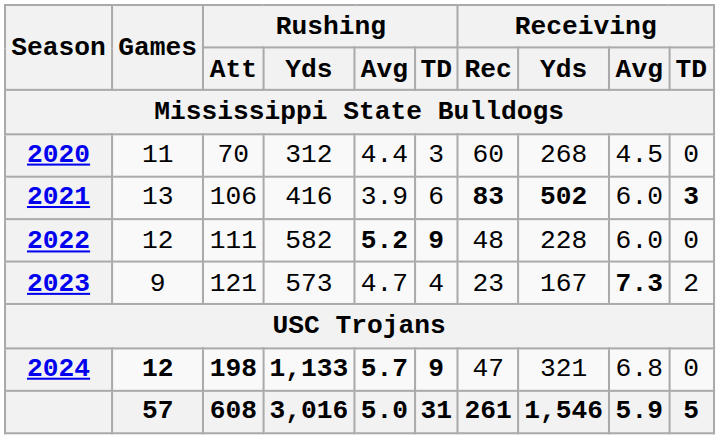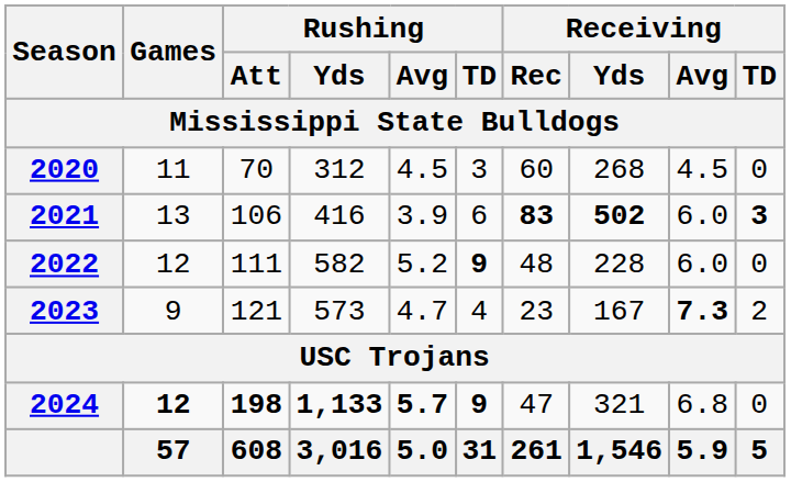 <table class="wikitable" style="text-align:center;">
 <tr>
 <th rowspan="2">Season</th>
 <th rowspan="2">Games</th>
 <th colspan="4">Rushing</th>
 <th colspan="4">Receiving</th>
 </tr>
 <tr>
 <th>Att</th>
 <th>Yds</th>
 <th>Avg</th>
 <th>TD</th>
 <th>Rec</th>
 <th>Yds</th>
 <th>Avg</th>
 <th>TD</th>
 </tr>
 <tr>
 <th colspan="15">Mississippi State Bulldogs</th>
 </tr>
 <tr>
 <th><a href='#'>2020</a></th>
 <td>11</td>
 <td>70</td>
 <td>312</td>
-<td>4.4</td>
+<td>4.5</td>
 <td>3</td>
 <td>60</td>
 <td>268</td>
 <td>4.5</td>
 <td>0</td>
 </tr>
 <tr>
 <th><a href='#'>2021</a></th>
 <td>13</td>
 <td>106</td>
 <td>416</td>
 <td>3.9</td>
 <td>6</td>
 <td><strong>83</strong></td>
 <td><strong>502</strong></td>
 <td>6.0</td>
 <td><strong>3</strong></td>
 </tr>
 <tr>
 <th><a href='#'>2022</a></th>
 <td>12</td>
 <td>111</td>
 <td>582</td>
-<td><strong>5.2</strong></td>
+<td>5.2</td>
 <td><strong>9</strong></td>
 <td>48</td>
 <td>228</td>
 <td>6.0</td>
 <td>0</td>
 </tr>
 <tr>
 <th><a href='#'>2023</a></th>
 <td>9</td>
 <td>121</td>
 <td>573</td>
 <td>4.7</td>
 <td>4</td>
 <td>23</td>
 <td>167</td>
 <td><strong>7.3</strong></td>
 <td>2</td>
 </tr>
 <tr>
 <th colspan="15">USC Trojans</th>
 </tr>
 <tr>
 <th><a href='#'>2024</a></th>
 <td><strong>12</strong></td>
 <td><strong>198</strong></td>
 <td><strong>1,133</strong></td>
 <td><strong>5.7</strong></td>
 <td><strong>9</strong></td>
 <td>47</td>
 <td>321</td>
 <td>6.8</td>
 <td>0</td>
 </tr>
 <tr>
 <th></th>
 <th>57</th>
 <th>608</th>
 <th>3,016</th>
 <th>5.0</th>
 <th>31</th>
 <th>261</th>
 <th>1,546</th>
 <th>5.9</th>
 <th>5</th>
 </tr>
 </table>
